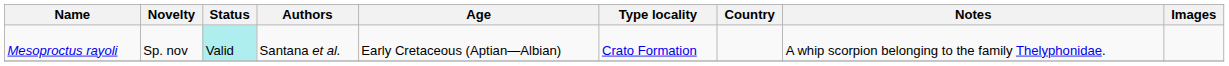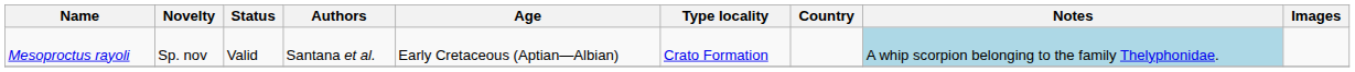 <table class="wikitable sortable" align="center" width="75%">
 <tr>
 <th>Name</th>
 <th>Novelty</th>
 <th>Status</th>
 <th>Authors</th>
 <th>Age</th>
 <th>Type locality</th>
 <th>Country</th>
 <th>Notes</th>
 <th>Images</th>
 </tr>
 <tr>
 <td><br><em><a href='#'>Mesoproctus rayoli</a></em></td>
 <td><br>Sp. nov</td>
-<td style="background: paleturquoise;"><br>Valid</td>
+<td><br>Valid</td>
 <td><br>Santana <em>et al.</em></td>
 <td><br>Early Cretaceous (Aptian—Albian)</td>
 <td><br><a href='#'>Crato Formation</a></td>
 <td><br></td>
-<td><br>A whip scorpion belonging to the family <a href='#'>Thelyphonidae</a>.</td>
+<td style="background: lightblue;"><br>A whip scorpion belonging to the family <a href='#'>Thelyphonidae</a>.</td>
 <td></td>
 </tr>
 <tr>
 </tr>
 </table>
